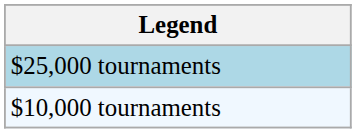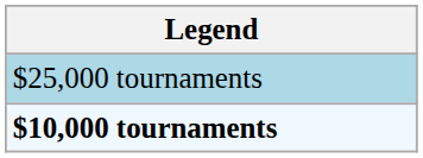 <table class="wikitable"  style="font-size:85%; width:12%;">
 <tr>
 <th>Legend</th>
 </tr>
 <tr style="background:lightblue;">
 <td>$25,000 tournaments</td>
 </tr>
 <tr style="background:#f0f8ff;">
-<td>$10,000 tournaments</td>
+<td><strong>$10,000 tournaments</strong></td>
 </tr>
 </table>
